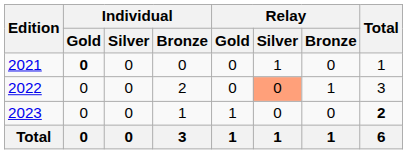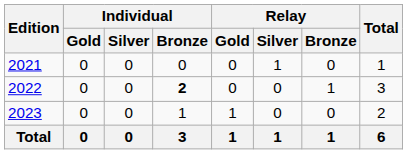 <table class="wikitable">
 <tr>
 <th rowspan=2>Edition</th>
 <th colspan=3>Individual</th>
 <th colspan=3>Relay</th>
 <th rowspan=2>Total</th>
 </tr>
 <tr>
 <th>Gold</th>
 <th>Silver</th>
 <th>Bronze</th>
 <th>Gold</th>
 <th>Silver</th>
 <th>Bronze</th>
 </tr>
 <tr>
 <td><a href='#'>2021</a></td>
-<td style="text-align:center;"><strong>0</strong></td>
+<td style="text-align:center;">0</td>
 <td style="text-align:center;">0</td>
 <td style="text-align:center;">0</td>
 <td style="text-align:center;">0</td>
 <td style="text-align:center;">1</td>
 <td style="text-align:center;">0</td>
 <td style="text-align:center;">1</td>
 </tr>
 <tr>
 <td><a href='#'>2022</a></td>
 <td style="text-align:center;">0</td>
 <td style="text-align:center;">0</td>
-<td style="text-align:center;">2</td>
+<td style="text-align:center;"><strong>2</strong></td>
 <td style="text-align:center;">0</td>
-<td style="background: lightsalmon; text-align:center;">0</td>
+<td style="text-align:center;">0</td>
 <td style="text-align:center;">1</td>
 <td style="text-align:center;">3</td>
 </tr>
 <tr>
 <td><a href='#'>2023</a></td>
 <td style="text-align:center;">0</td>
 <td style="text-align:center;">0</td>
 <td style="text-align:center;">1</td>
 <td style="text-align:center;">1</td>
 <td style="text-align:center;">0</td>
 <td style="text-align:center;">0</td>
-<td style="text-align:center;"><strong>2</strong></td>
+<td style="text-align:center;">2</td>
 </tr>
 <tr>
 <th>Total</th>
 <th style="text-align:center;">0</th>
 <th style="text-align:center;">0</th>
 <th style="text-align:center;">3</th>
 <th style="text-align:center;">1</th>
 <th style="text-align:center;">1</th>
 <th style="text-align:center;">1</th>
 <th style="text-align:center;">6</th>
 </tr>
 </table>
